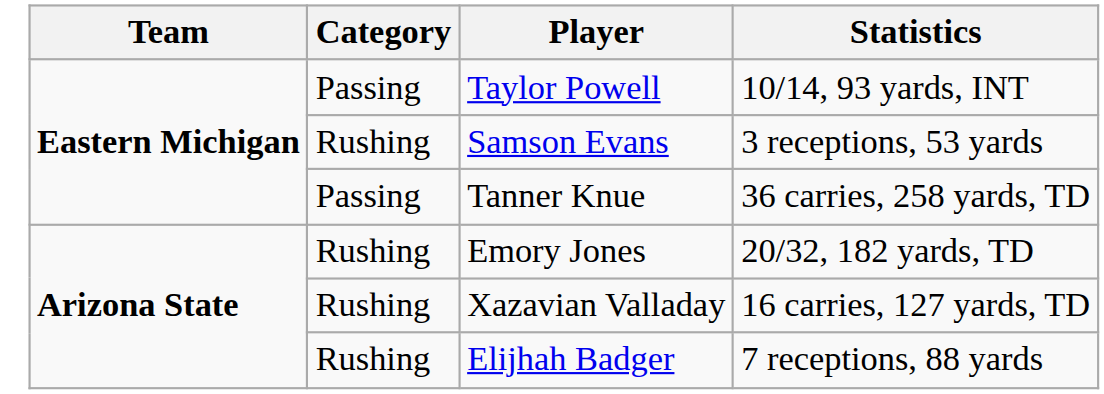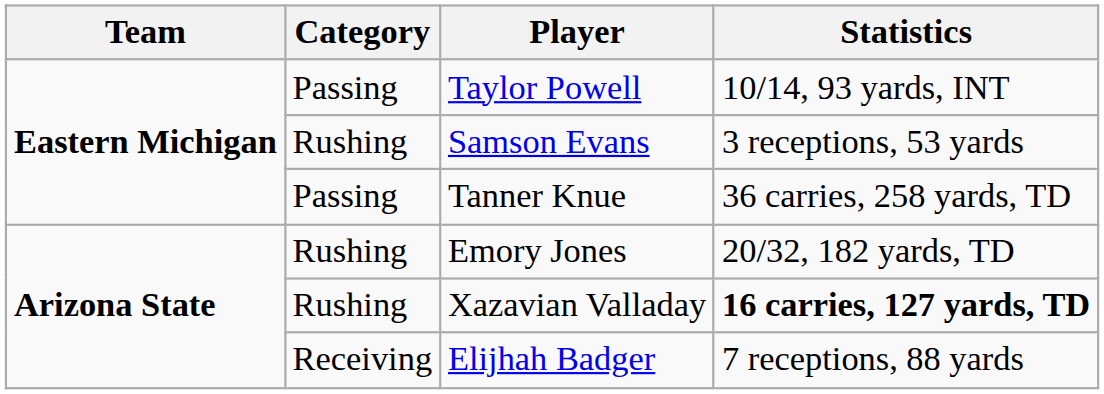 <table class="wikitable" style="float: right;">
 <tr>
 <th>Team</th>
 <th>Category</th>
 <th>Player</th>
 <th>Statistics</th>
 </tr>
 <tr>
 <td rowspan=3><strong>Eastern Michigan</strong></td>
 <td>Passing</td>
 <td><a href='#'>Taylor Powell</a></td>
 <td>10/14, 93 yards, INT</td>
 </tr>
 <tr>
 <td>Rushing</td>
 <td><a href='#'>Samson Evans</a></td>
 <td>3 receptions, 53 yards</td>
 </tr>
 <tr>
 <td>Passing</td>
 <td>Tanner Knue</td>
 <td>36 carries, 258 yards, TD</td>
 </tr>
 <tr>
 <td rowspan=3><strong>Arizona State</strong></td>
 <td>Rushing</td>
 <td>Emory Jones</td>
 <td>20/32, 182 yards, TD</td>
 </tr>
 <tr>
 <td>Rushing</td>
 <td>Xazavian Valladay</td>
-<td>16 carries, 127 yards, TD</td>
+<td><strong>16 carries, 127 yards, TD</strong></td>
 </tr>
 <tr>
-<td>Rushing</td>
+<td>Receiving</td>
 <td><a href='#'>Elijhah Badger</a></td>
 <td>7 receptions, 88 yards</td>
 </tr>
 </table>
